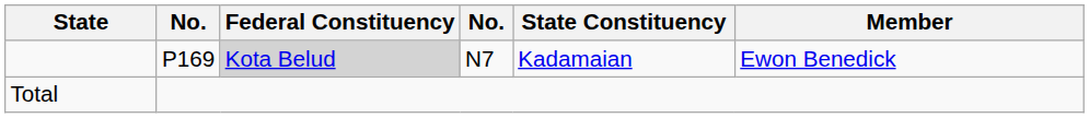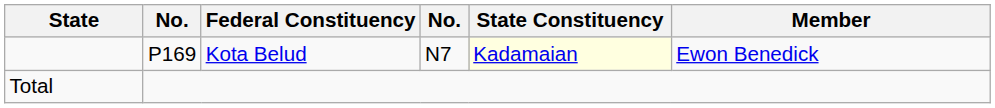 <table class ="wikitable sortable">
 <tr>
 <th style="width:100px;">State</th>
 <th>No.</th>
 <th>Federal Constituency</th>
 <th style="width:30px;">No.</th>
 <th style="width:150px;">State Constituency</th>
 <th style="width:240px;">Member</th>
 </tr>
 <tr>
 <td rowspan="1"></td>
 <td>P169</td>
-<td style="background: lightgrey;"><a href='#'>Kota Belud</a></td>
+<td><a href='#'>Kota Belud</a></td>
 <td>N7</td>
-<td><a href='#'>Kadamaian</a></td>
+<td style="background: lightyellow;"><a href='#'>Kadamaian</a></td>
 <td><a href='#'>Ewon Benedick</a></td>
 </tr>
 <tr>
 <td>Total</td>
 <td colspan="5"></td>
 </tr>
 </table>
